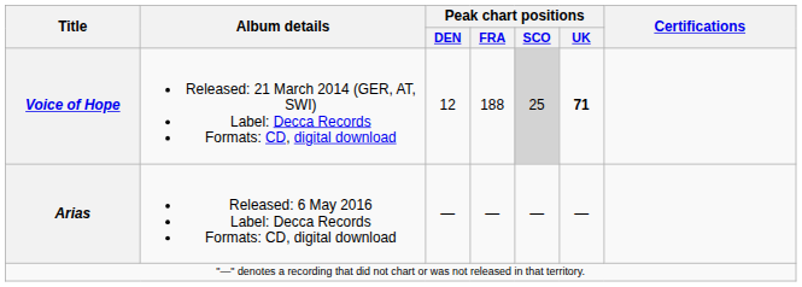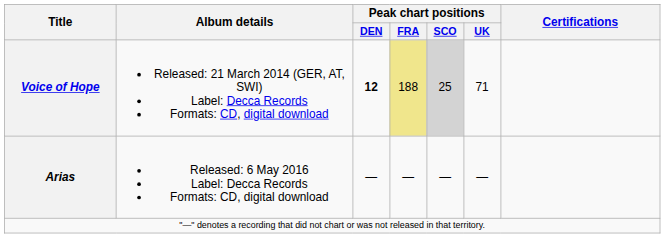 <table class="wikitable plainrowheaders" style="text-align:center;">
 <tr>
 <th scope="col" rowspan="2" style="width:9em;">Title</th>
 <th scope="col" rowspan="2" style="width:19.5em;">Album details</th>
 <th scope="col" colspan="4">Peak chart positions</th>
 <th scope="col" rowspan="2" style="width:13em;"><a href='#'>Certifications</a></th>
 </tr>
 <tr>
 <th scope="col" style="width:3em;font-size:90%;"><a href='#'>DEN</a><br></th>
 <th scope="col" style="width:3em;font-size:90%;"><a href='#'>FRA</a><br></th>
 <th scope="col" style="width:3em;font-size:90%;"><a href='#'>SCO</a><br></th>
 <th scope="col" style="width:3em;font-size:90%;"><a href='#'>UK</a><br></th>
 </tr>
 <tr>
 <th scope="row"><em><a href='#'>Voice of Hope</a></em></th>
 <td><br><ul><li>Released: 21 March 2014 <span>(GER, AT, SWI)</span></li><li>Label: <a href='#'>Decca Records</a></li><li>Formats: <a href='#'>CD</a>, <a href='#'>digital download</a></li></ul></td>
-<td>12</td>
-<td>188</td>
+<td><strong>12</strong></td>
+<td style="background: khaki;">188</td>
 <td style="background: lightgrey;">25</td>
-<td><strong>71</strong></td>
+<td>71</td>
 <td></td>
 </tr>
 <tr>
 <th scope="row"><em>Arias</em></th>
 <td><br><ul><li>Released: 6 May 2016</li><li>Label: Decca Records</li><li>Formats: CD, digital download</li></ul></td>
 <td>—</td>
 <td>—</td>
 <td>—</td>
 <td>—</td>
 </tr>
 <tr>
 <td colspan="15" style="font-size:75%">"—" denotes a recording that did not chart or was not released in that territory.</td>
 </tr>
 </table>
